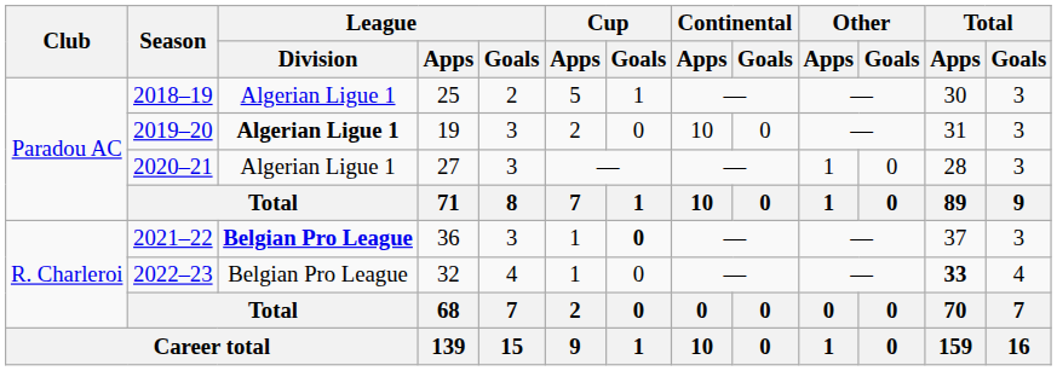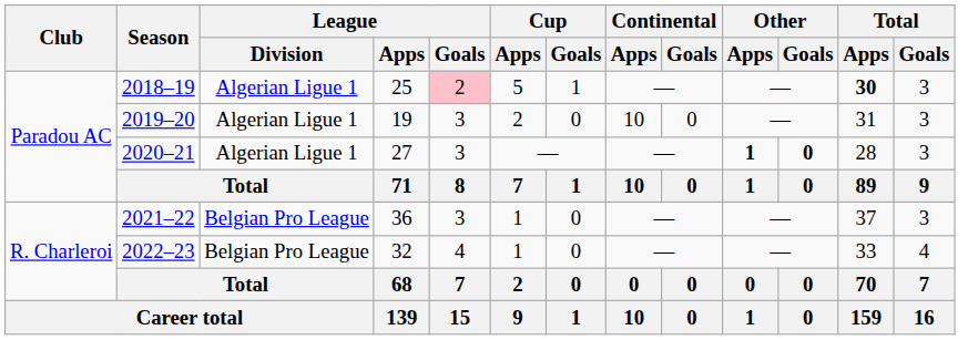 <table class="wikitable" style="text-align:center">
 <tr>
 <th rowspan="2">Club</th>
 <th rowspan="2">Season</th>
 <th colspan="3">League</th>
 <th colspan="2">Cup</th>
 <th colspan="2">Continental</th>
 <th colspan="2">Other</th>
 <th colspan="2">Total</th>
 </tr>
 <tr>
 <th>Division</th>
 <th>Apps</th>
 <th>Goals</th>
 <th>Apps</th>
 <th>Goals</th>
 <th>Apps</th>
 <th>Goals</th>
 <th>Apps</th>
 <th>Goals</th>
 <th>Apps</th>
 <th>Goals</th>
 </tr>
 <tr>
 <td rowspan="4"><a href='#'>Paradou AC</a></td>
 <td><a href='#'>2018–19</a></td>
 <td><a href='#'>Algerian Ligue 1</a></td>
 <td>25</td>
-<td>2</td>
+<td style="background: pink;">2</td>
 <td>5</td>
 <td>1</td>
 <td colspan="2">—</td>
 <td colspan="2">—</td>
-<td>30</td>
+<td><strong>30</strong></td>
 <td>3</td>
 </tr>
 <tr>
 <td><a href='#'>2019–20</a></td>
-<td><strong>Algerian Ligue 1</strong></td>
+<td>Algerian Ligue 1</td>
 <td>19</td>
 <td>3</td>
 <td>2</td>
 <td>0</td>
 <td>10</td>
 <td>0</td>
 <td colspan="2">—</td>
 <td>31</td>
 <td>3</td>
 </tr>
 <tr>
 <td><a href='#'>2020–21</a></td>
 <td>Algerian Ligue 1</td>
 <td>27</td>
 <td>3</td>
 <td colspan="2">—</td>
 <td colspan="2">—</td>
-<td>1</td>
-<td>0</td>
+<td><strong>1</strong></td>
+<td><strong>0</strong></td>
 <td>28</td>
 <td>3</td>
 </tr>
 <tr>
 <th colspan="2">Total</th>
 <th>71</th>
 <th>8</th>
 <th>7</th>
 <th>1</th>
 <th>10</th>
 <th>0</th>
 <th>1</th>
 <th>0</th>
 <th>89</th>
 <th>9</th>
 </tr>
 <tr>
 <td rowspan="3"><a href='#'>R. Charleroi</a></td>
 <td><a href='#'>2021–22</a></td>
-<td><strong><a href='#'>Belgian Pro League</a></strong></td>
+<td><a href='#'>Belgian Pro League</a></td>
 <td>36</td>
 <td>3</td>
 <td>1</td>
-<td><strong>0</strong></td>
+<td>0</td>
 <td colspan="2">—</td>
 <td colspan="2">—</td>
 <td>37</td>
 <td>3</td>
 </tr>
 <tr>
 <td><a href='#'>2022–23</a></td>
 <td>Belgian Pro League</td>
 <td>32</td>
 <td>4</td>
 <td>1</td>
 <td>0</td>
 <td colspan="2">—</td>
 <td colspan="2">—</td>
-<td><strong>33</strong></td>
+<td>33</td>
 <td>4</td>
 </tr>
 <tr>
 <th colspan="2">Total</th>
 <th>68</th>
 <th>7</th>
 <th>2</th>
 <th>0</th>
 <th>0</th>
 <th>0</th>
 <th>0</th>
 <th>0</th>
 <th>70</th>
 <th>7</th>
 </tr>
 <tr>
 <th colspan="3">Career total</th>
 <th>139</th>
 <th>15</th>
 <th>9</th>
 <th>1</th>
 <th>10</th>
 <th>0</th>
 <th>1</th>
 <th>0</th>
 <th>159</th>
 <th>16</th>
 </tr>
 </table>
